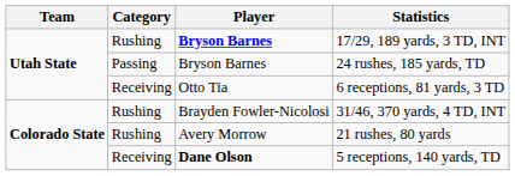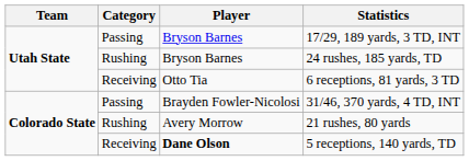 <table class="wikitable" style="float: right;">
 <tr>
 <th>Team</th>
 <th>Category</th>
 <th>Player</th>
 <th>Statistics</th>
 </tr>
 <tr>
 <td rowspan=3><strong>Utah State</strong></td>
-<td>Rushing</td>
-<td><strong><a href='#'>Bryson Barnes</a></strong></td>
+<td>Passing</td>
+<td><a href='#'>Bryson Barnes</a></td>
 <td>17/29, 189 yards, 3 TD, INT</td>
 </tr>
 <tr>
-<td>Passing</td>
+<td>Rushing</td>
 <td>Bryson Barnes</td>
 <td>24 rushes, 185 yards, TD</td>
 </tr>
 <tr>
 <td>Receiving</td>
 <td>Otto Tia</td>
 <td>6 receptions, 81 yards, 3 TD</td>
 </tr>
 <tr>
 <td rowspan=3><strong>Colorado State</strong></td>
-<td>Rushing</td>
+<td>Passing</td>
 <td>Brayden Fowler-Nicolosi</td>
 <td>31/46, 370 yards, 4 TD, INT</td>
 </tr>
 <tr>
 <td>Rushing</td>
 <td>Avery Morrow</td>
 <td>21 rushes, 80 yards</td>
 </tr>
 <tr>
 <td>Receiving</td>
 <td><strong>Dane Olson</strong></td>
 <td>5 receptions, 140 yards, TD</td>
 </tr>
 </table>
